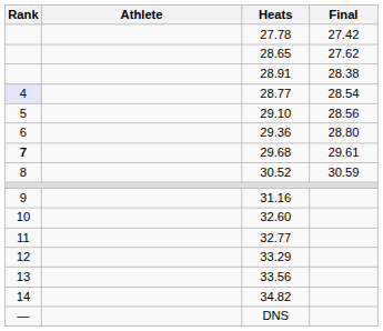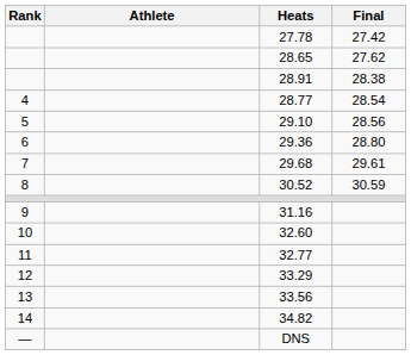 <table class=wikitable style="text-align:center">
 <tr>
 <th width=40>Rank</th>
 <th width=250>Athlete</th>
 <th width=80>Heats</th>
 <th width=80>Final</th>
 </tr>
 <tr>
 <td></td>
 <td align=left></td>
 <td>27.78</td>
 <td>27.42</td>
 </tr>
 <tr>
 <td></td>
 <td align=left></td>
 <td>28.65</td>
 <td>27.62</td>
 </tr>
 <tr>
 <td></td>
 <td align=left></td>
 <td>28.91</td>
 <td>28.38</td>
 </tr>
 <tr>
-<td style="background: lavender;">4</td>
+<td>4</td>
 <td align=left></td>
 <td>28.77</td>
 <td>28.54</td>
 </tr>
 <tr>
 <td>5</td>
 <td align=left></td>
 <td>29.10</td>
 <td>28.56</td>
 </tr>
 <tr>
 <td>6</td>
 <td align=left></td>
 <td>29.36</td>
 <td>28.80</td>
 </tr>
 <tr>
-<td><strong>7</strong></td>
+<td>7</td>
 <td align=left></td>
 <td>29.68</td>
 <td>29.61</td>
 </tr>
 <tr>
 <td>8</td>
 <td align=left></td>
 <td>30.52</td>
 <td>30.59</td>
 </tr>
 <tr bgcolor=#DDDDDD>
 <td colspan=4></td>
 </tr>
 <tr>
 <td>9</td>
 <td align=left></td>
 <td>31.16</td>
 <td></td>
 </tr>
 <tr>
 <td>10</td>
 <td align=left></td>
 <td>32.60</td>
 <td></td>
 </tr>
 <tr>
 <td>11</td>
 <td align=left></td>
 <td>32.77</td>
 <td></td>
 </tr>
 <tr>
 <td>12</td>
 <td align=left></td>
 <td>33.29</td>
 <td></td>
 </tr>
 <tr>
 <td>13</td>
 <td align=left></td>
 <td>33.56</td>
 <td></td>
 </tr>
 <tr>
 <td>14</td>
 <td align=left></td>
 <td>34.82</td>
 <td></td>
 </tr>
 <tr>
 <td>—</td>
 <td align=left></td>
 <td>DNS</td>
 <td></td>
 </tr>
 </table>
